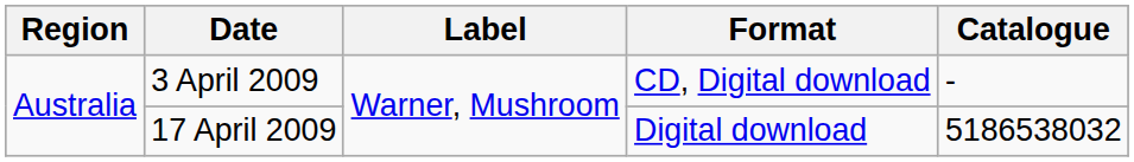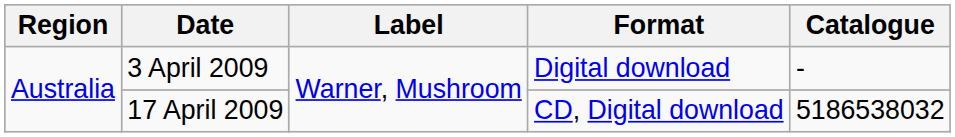 <table class="wikitable">
 <tr>
 <th>Region</th>
 <th>Date</th>
 <th>Label</th>
 <th>Format</th>
 <th>Catalogue</th>
 </tr>
 <tr>
 <td rowspan="2"><a href='#'>Australia</a></td>
 <td>3 April 2009</td>
 <td rowspan="2"><a href='#'>Warner</a>, <a href='#'>Mushroom</a></td>
-<td><a href='#'>CD</a>, <a href='#'>Digital download</a></td>
+<td><a href='#'>Digital download</a></td>
 <td>-</td>
 </tr>
 <tr>
 <td>17 April 2009</td>
-<td><a href='#'>Digital download</a></td>
+<td><a href='#'>CD</a>, <a href='#'>Digital download</a></td>
 <td>5186538032</td>
 </tr>
 </table>
